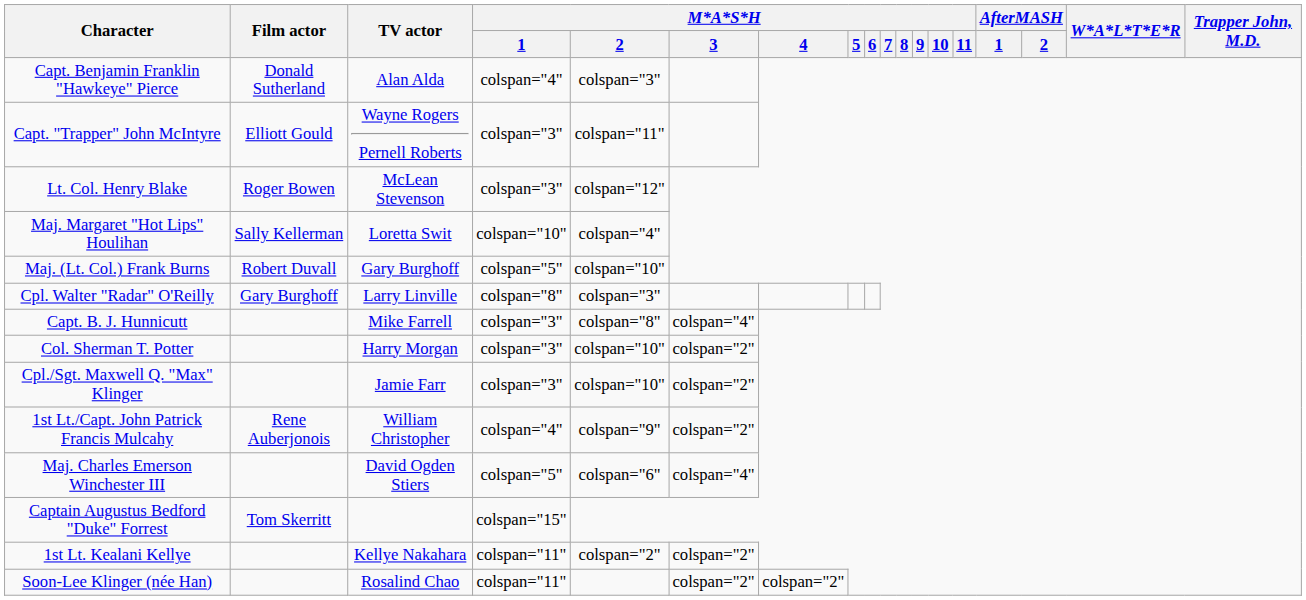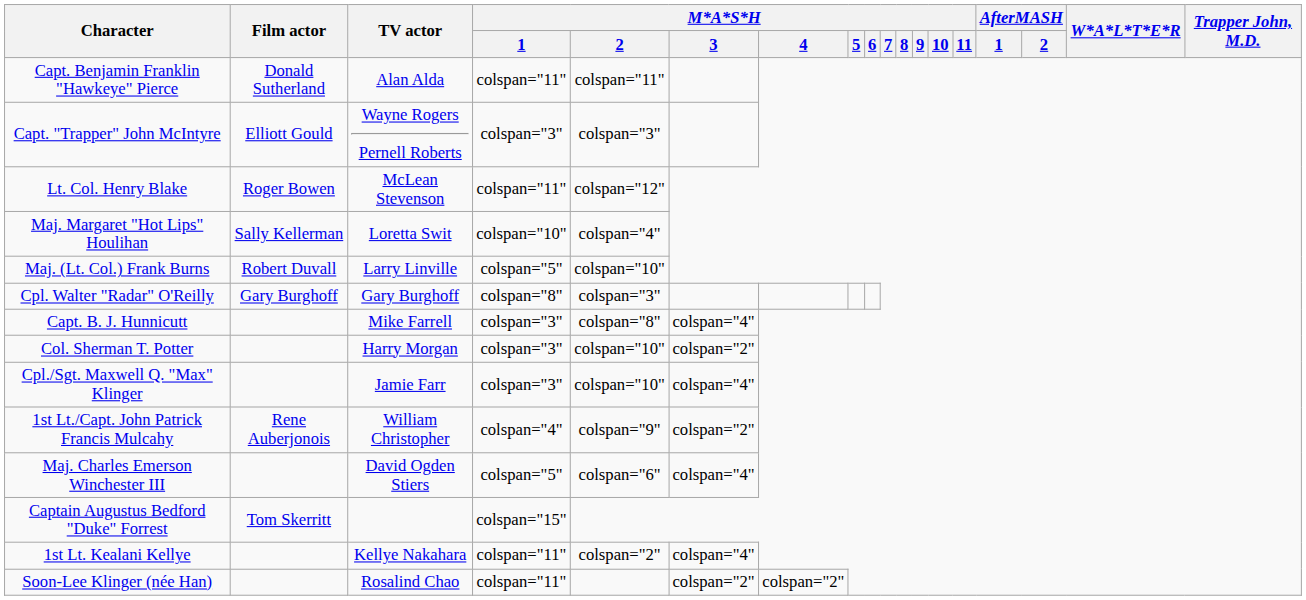 <table class="wikitable plainrowheaders" style="text-align:center">
 <tr>
 <th scope="col" rowspan="2">Character</th>
 <th scope="col" rowspan="2">Film actor</th>
 <th scope="col" rowspan="2">TV actor</th>
 <th scope="col" colspan="11"><em><a href='#'>M*A*S*H</a></em></th>
 <th scope="col" colspan="2"><em><a href='#'>AfterMASH</a></em></th>
 <th scope="col" rowspan="2"><em><a href='#'>W*A*L*T*E*R</a></em></th>
 <th scope="col" rowspan="2"><em><a href='#'>Trapper John, M.D.</a></em></th>
 </tr>
 <tr>
 <th scope="col" style="width:1%;"><a href='#'>1</a></th>
 <th scope="col" style="width:1%;"><a href='#'>2</a></th>
 <th scope="col" style="width:1%;"><a href='#'>3</a></th>
 <th scope="col" style="width:1%;"><a href='#'>4</a></th>
 <th scope="col" style="width:1%;"><a href='#'>5</a></th>
 <th scope="col" style="width:1%;"><a href='#'>6</a></th>
 <th scope="col" style="width:1%;"><a href='#'>7</a></th>
 <th scope="col" style="width:1%;"><a href='#'>8</a></th>
 <th scope="col" style="width:1%;"><a href='#'>9</a></th>
 <th scope="col" style="width:1%;"><a href='#'>10</a></th>
 <th scope="col" style="width:1%;"><a href='#'>11</a></th>
 <th scope="col" style="width:1%;"><a href='#'>1</a></th>
 <th scope="col" style="width:1%;"><a href='#'>2</a></th>
 </tr>
 <tr>
 <td scope="row"><a href='#'>Capt. Benjamin Franklin "Hawkeye" Pierce</a></td>
 <td><a href='#'>Donald Sutherland</a></td>
 <td><a href='#'>Alan Alda</a></td>
-<td>colspan="4" </td>
-<td>colspan="3" </td>
+<td>colspan="11" </td>
+<td>colspan="11" </td>
 <td></td>
 </tr>
 <tr>
 <td scope="row"><a href='#'>Capt. "Trapper" John McIntyre</a></td>
 <td><a href='#'>Elliott Gould</a></td>
 <td><a href='#'>Wayne Rogers</a><hr><a href='#'>Pernell Roberts</a></td>
 <td>colspan="3" </td>
-<td>colspan="11" </td>
+<td>colspan="3" </td>
 <td></td>
 </tr>
 <tr>
 <td scope="row"><a href='#'>Lt. Col. Henry Blake</a></td>
 <td><a href='#'>Roger Bowen</a></td>
 <td><a href='#'>McLean Stevenson</a></td>
-<td>colspan="3" </td>
+<td>colspan="11" </td>
 <td>colspan="12" </td>
 </tr>
 <tr>
 <td scope="row"><a href='#'>Maj. Margaret "Hot Lips" Houlihan</a></td>
 <td><a href='#'>Sally Kellerman</a></td>
 <td><a href='#'>Loretta Swit</a></td>
 <td>colspan="10" </td>
 <td>colspan="4" </td>
 </tr>
 <tr>
 <td scope="row"><a href='#'>Maj. (Lt. Col.) Frank Burns</a></td>
 <td><a href='#'>Robert Duvall</a></td>
-<td><a href='#'>Gary Burghoff</a></td>
+<td><a href='#'>Larry Linville</a></td>
 <td>colspan="5" </td>
 <td>colspan="10" </td>
 </tr>
 <tr>
 <td scope="row"><a href='#'>Cpl. Walter "Radar" O'Reilly</a></td>
 <td><a href='#'>Gary Burghoff</a></td>
-<td><a href='#'>Larry Linville</a></td>
+<td><a href='#'>Gary Burghoff</a></td>
 <td>colspan="8" </td>
 <td>colspan="3" </td>
 <td></td>
 <td></td>
 <td></td>
 <td></td>
 </tr>
 <tr>
 <td scope="row"><a href='#'>Capt. B. J. Hunnicutt</a></td>
 <td></td>
 <td><a href='#'>Mike Farrell</a></td>
 <td>colspan="3" </td>
 <td>colspan="8" </td>
 <td>colspan="4" </td>
 </tr>
 <tr>
 <td scope="row"><a href='#'>Col. Sherman T. Potter</a></td>
 <td></td>
 <td><a href='#'>Harry Morgan</a></td>
 <td>colspan="3" </td>
 <td>colspan="10" </td>
 <td>colspan="2" </td>
 </tr>
 <tr>
 <td scope="row"><a href='#'>Cpl./Sgt. Maxwell Q. "Max" Klinger</a></td>
 <td></td>
 <td><a href='#'>Jamie Farr</a></td>
 <td>colspan="3" </td>
 <td>colspan="10" </td>
-<td>colspan="2" </td>
+<td>colspan="4" </td>
 </tr>
 <tr>
 <td scope="row"><a href='#'>1st Lt./Capt. John Patrick Francis Mulcahy</a></td>
 <td><a href='#'>Rene Auberjonois</a></td>
 <td><a href='#'>William Christopher</a></td>
 <td>colspan="4" </td>
 <td>colspan="9" </td>
 <td>colspan="2" </td>
 </tr>
 <tr>
 <td scope="row"><a href='#'>Maj. Charles Emerson Winchester III</a></td>
 <td></td>
 <td><a href='#'>David Ogden Stiers</a></td>
 <td>colspan="5" </td>
 <td>colspan="6" </td>
 <td>colspan="4" </td>
 </tr>
 <tr>
 <td scope="row"><a href='#'>Captain Augustus Bedford "Duke" Forrest</a></td>
 <td><a href='#'>Tom Skerritt</a></td>
 <td></td>
 <td>colspan="15" </td>
 </tr>
 <tr>
 <td scope="row"><a href='#'>1st Lt. Kealani Kellye</a></td>
 <td></td>
 <td><a href='#'>Kellye Nakahara</a></td>
 <td>colspan="11" </td>
 <td>colspan="2" </td>
-<td>colspan="2" </td>
+<td>colspan="4" </td>
 </tr>
 <tr>
 <td scope="row"><a href='#'>Soon-Lee Klinger (née Han)</a></td>
 <td></td>
 <td><a href='#'>Rosalind Chao</a></td>
 <td>colspan="11" </td>
 <td></td>
 <td>colspan="2" </td>
 <td>colspan="2" </td>
 </tr>
 </table>
